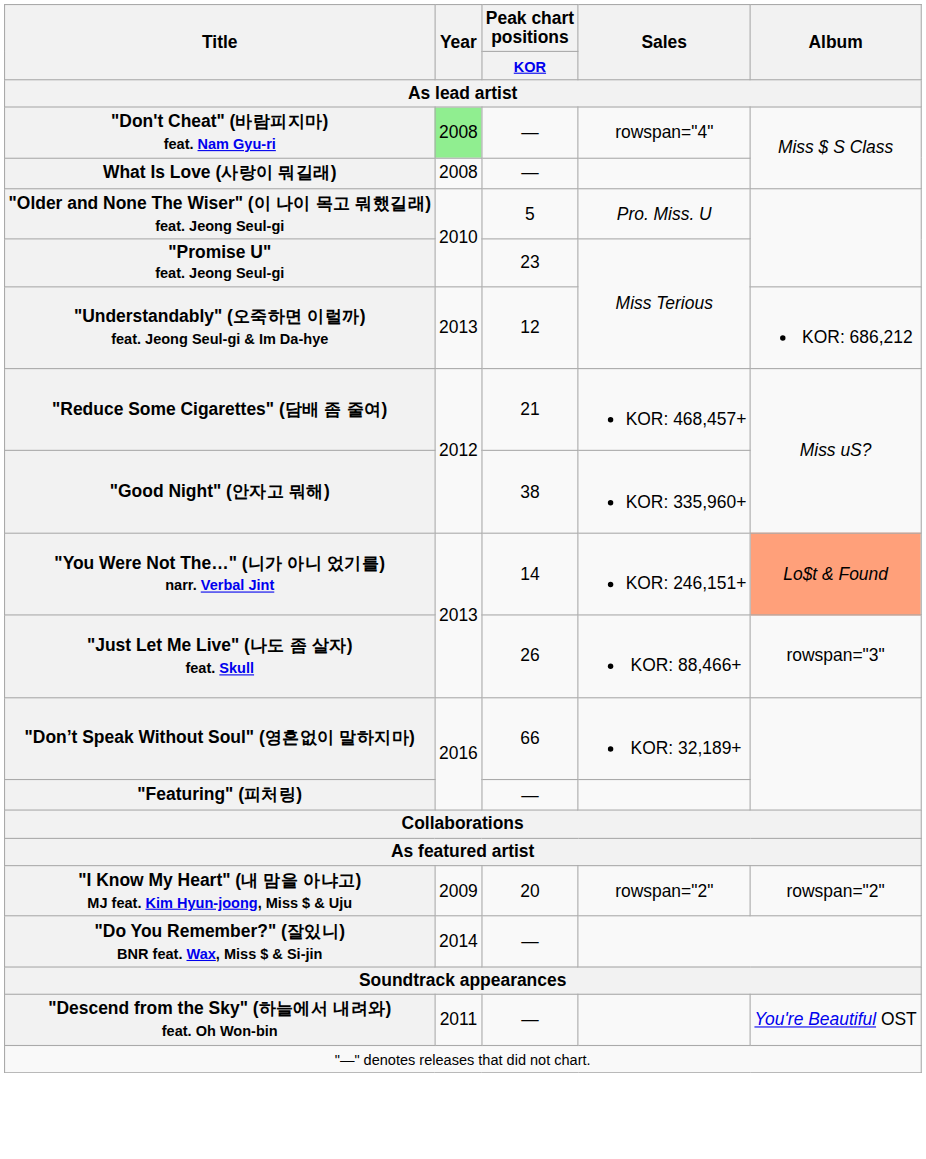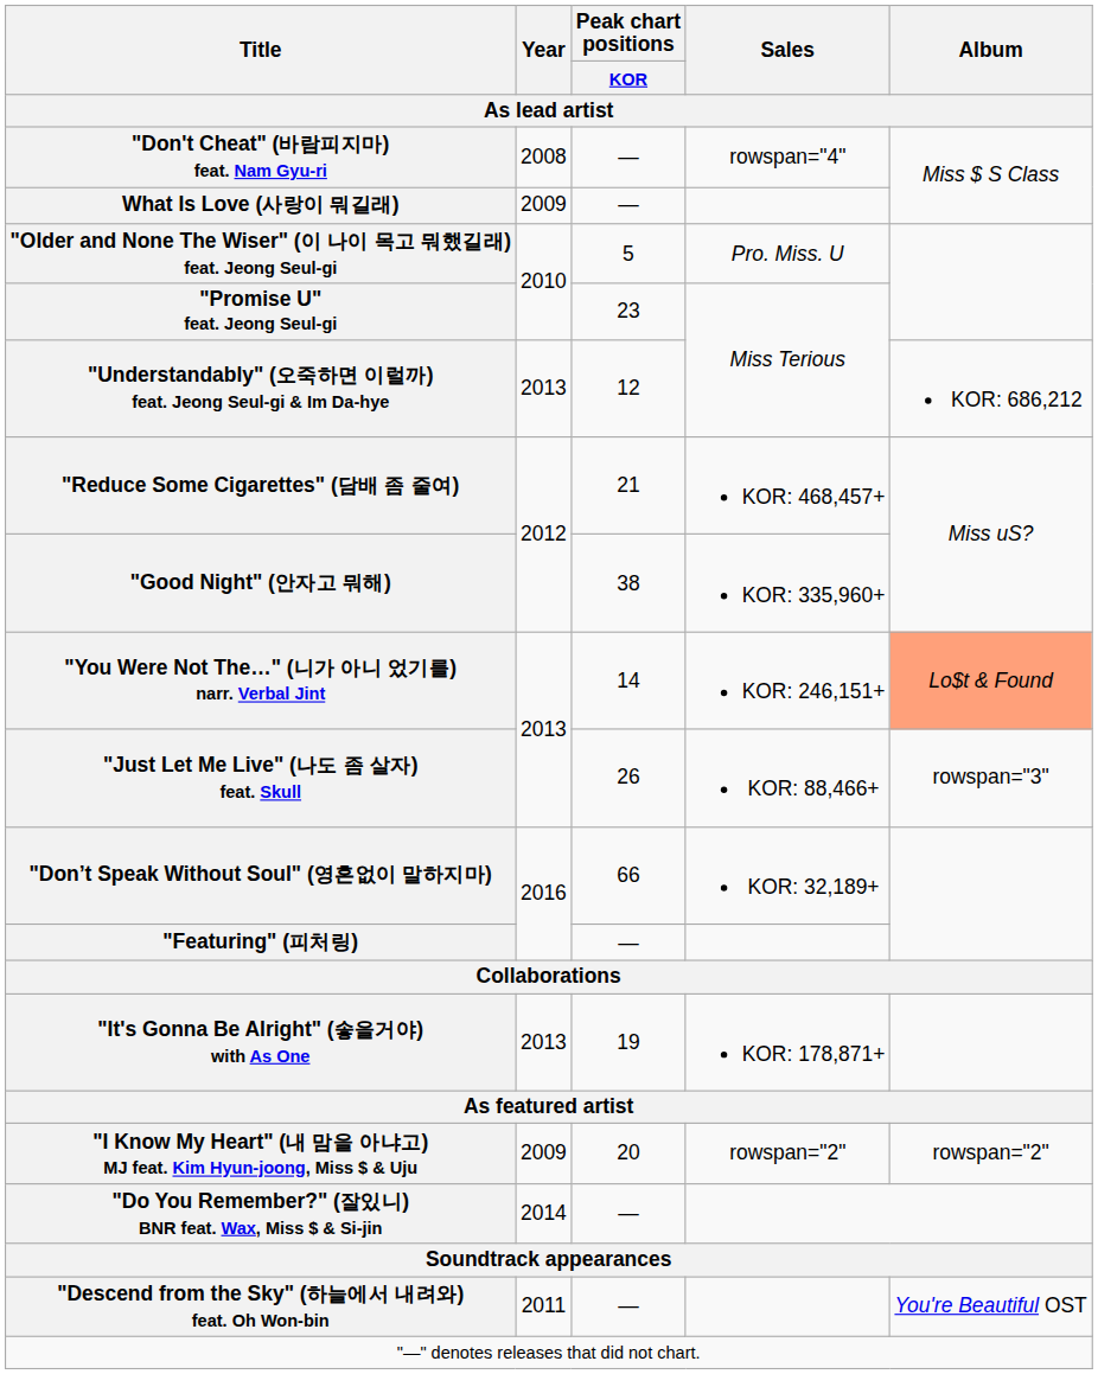 <table class="wikitable plainrowheaders" style="text-align:center;">
 <tr>
 <th scope="col" rowspan="2">Title</th>
 <th scope="col" rowspan="2">Year</th>
 <th scope="col" colspan="1">Peak chart <br> positions</th>
 <th scope="col" rowspan="2">Sales</th>
 <th scope="col" rowspan="2">Album</th>
 </tr>
 <tr>
 <th><small><a href='#'>KOR</a></small><br></th>
 </tr>
 <tr>
 <th scope="col" colspan="5">As lead artist</th>
 </tr>
 <tr>
 <th scope="row">"Don't Cheat" (바람피지마) <br><small>feat. <a href='#'>Nam Gyu-ri</a></small></th>
-<td style="background: lightgreen;">2008</td>
+<td>2008</td>
 <td>—</td>
 <td>rowspan="4" </td>
 <td rowspan="2"><em>Miss $ S Class</em></td>
 </tr>
 <tr>
 <th scope="row">What Is Love (사랑이 뭐길래)</th>
-<td>2008</td>
+<td>2009</td>
 <td>—</td>
 </tr>
 <tr>
 <th scope="row">"Older and None The Wiser" (이 나이 목고 뭐했길래) <br><small>feat. Jeong Seul-gi</small></th>
 <td rowspan="2">2010</td>
 <td>5</td>
 <td><em>Pro. Miss. U</em></td>
 </tr>
 <tr>
 <th scope="row">"Promise U" <br><small>feat. Jeong Seul-gi</small></th>
 <td>23</td>
 <td rowspan="2"><em>Miss Terious</em></td>
 </tr>
 <tr>
 <th scope="row">"Understandably" (오죽하면 이럴까) <br><small>feat. Jeong Seul-gi & Im Da-hye</small></th>
 <td>2013</td>
 <td>12</td>
 <td><br><ul><li>KOR: 686,212</li></ul></td>
 </tr>
 <tr>
 <th scope="row">"Reduce Some Cigarettes" (담배 좀 줄여)</th>
 <td rowspan="2">2012</td>
 <td>21</td>
 <td><br><ul><li>KOR: 468,457+</li></ul></td>
 <td rowspan="2"><em>Miss uS?</em></td>
 </tr>
 <tr>
 <th scope="row">"Good Night" (안자고 뭐해)</th>
 <td>38</td>
 <td><br><ul><li>KOR: 335,960+</li></ul></td>
 </tr>
 <tr>
 <th scope="row">"You Were Not The…" (니가 아니 었기를) <br><small>narr. <a href='#'>Verbal Jint</a></small></th>
 <td rowspan="2">2013</td>
 <td>14</td>
 <td><br><ul><li>KOR: 246,151+</li></ul></td>
 <td style="background: lightsalmon;"><em>Lo$t & Found</em></td>
 </tr>
 <tr>
 <th scope="row">"Just Let Me Live" (나도 좀 살자) <br><small>feat. <a href='#'>Skull</a></small></th>
 <td>26</td>
 <td><br><ul><li>KOR: 88,466+</li></ul></td>
 <td>rowspan="3" </td>
 </tr>
 <tr>
 <th scope="row">"Don’t Speak Without Soul" (영혼없이 말하지마)</th>
 <td rowspan="2">2016</td>
 <td>66</td>
 <td><br><ul><li>KOR: 32,189+</li></ul></td>
 </tr>
 <tr>
 <th scope="row">"Featuring" (피처링)</th>
 <td>—</td>
 <td></td>
 </tr>
 <tr>
 <th scope="col" colspan="5">Collaborations</th>
 </tr>
 <tr>
+<th scope="row">"It's Gonna Be Alright" (솧을거야) <br><small>with <a href='#'>As One</a></small></th>
+<td>2013</td>
+<td>19</td>
+<td><br><ul><li>KOR: 178,871+</li></ul></td>
+<td></td>
+</tr>
+<tr>
 <th scope="col" colspan="5">As featured artist</th>
 </tr>
 <tr>
 <th scope="row">"I Know My Heart" (내 맘을 아냐고) <br><small>MJ feat. <a href='#'>Kim Hyun-joong</a>, Miss $ & Uju</small></th>
 <td>2009</td>
 <td>20</td>
 <td>rowspan="2" </td>
 <td>rowspan="2" </td>
 </tr>
 <tr>
 <th scope="row">"Do You Remember?" (잘있니) <br><small>BNR feat. <a href='#'>Wax</a>, Miss $ & Si-jin</small></th>
 <td>2014</td>
 <td>—</td>
 </tr>
 <tr>
 <th scope="col" colspan="5">Soundtrack appearances</th>
 </tr>
 <tr>
 <th scope="row">"Descend from the Sky" (하늘에서 내려와) <br><small>feat. Oh Won-bin</small></th>
 <td>2011</td>
 <td>—</td>
 <td></td>
 <td><em><a href='#'>You're Beautiful</a></em> OST</td>
 </tr>
 <tr>
 <td colspan="5" align="center"><small>"—" denotes releases that did not chart.</small></td>
 </tr>
 </table>
